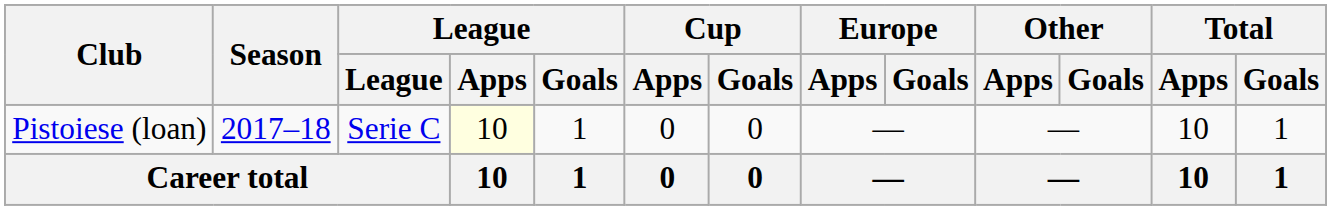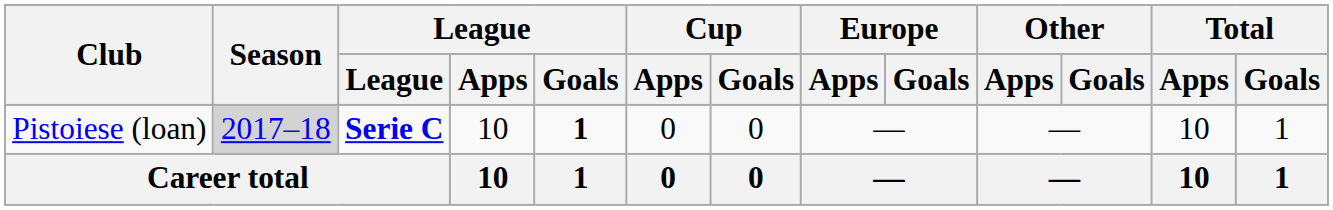 <table class="wikitable" style="text-align: center;">
 <tr>
 <th rowspan="2">Club</th>
 <th rowspan="2">Season</th>
 <th colspan="3">League</th>
 <th colspan="2">Cup</th>
 <th colspan="2">Europe</th>
 <th colspan="2">Other</th>
 <th colspan="2">Total</th>
 </tr>
 <tr>
 <th>League</th>
 <th>Apps</th>
 <th>Goals</th>
 <th>Apps</th>
 <th>Goals</th>
 <th>Apps</th>
 <th>Goals</th>
 <th>Apps</th>
 <th>Goals</th>
 <th>Apps</th>
 <th>Goals</th>
 </tr>
 <tr>
 <td><a href='#'>Pistoiese</a> (loan)</td>
-<td><a href='#'>2017–18</a></td>
-<td><a href='#'>Serie C</a></td>
-<td style="background: lightyellow;">10</td>
-<td>1</td>
+<td style="background: lightgrey;"><a href='#'>2017–18</a></td>
+<td><strong><a href='#'>Serie C</a></strong></td>
+<td>10</td>
+<td><strong>1</strong></td>
 <td>0</td>
 <td>0</td>
 <td colspan="2">—</td>
 <td colspan="2">—</td>
 <td>10</td>
 <td>1</td>
 </tr>
 <tr>
 <th colspan="3">Career total</th>
 <th>10</th>
 <th>1</th>
 <th>0</th>
 <th>0</th>
 <th colspan="2">—</th>
 <th colspan="2">—</th>
 <th>10</th>
 <th>1</th>
 </tr>
 </table>
